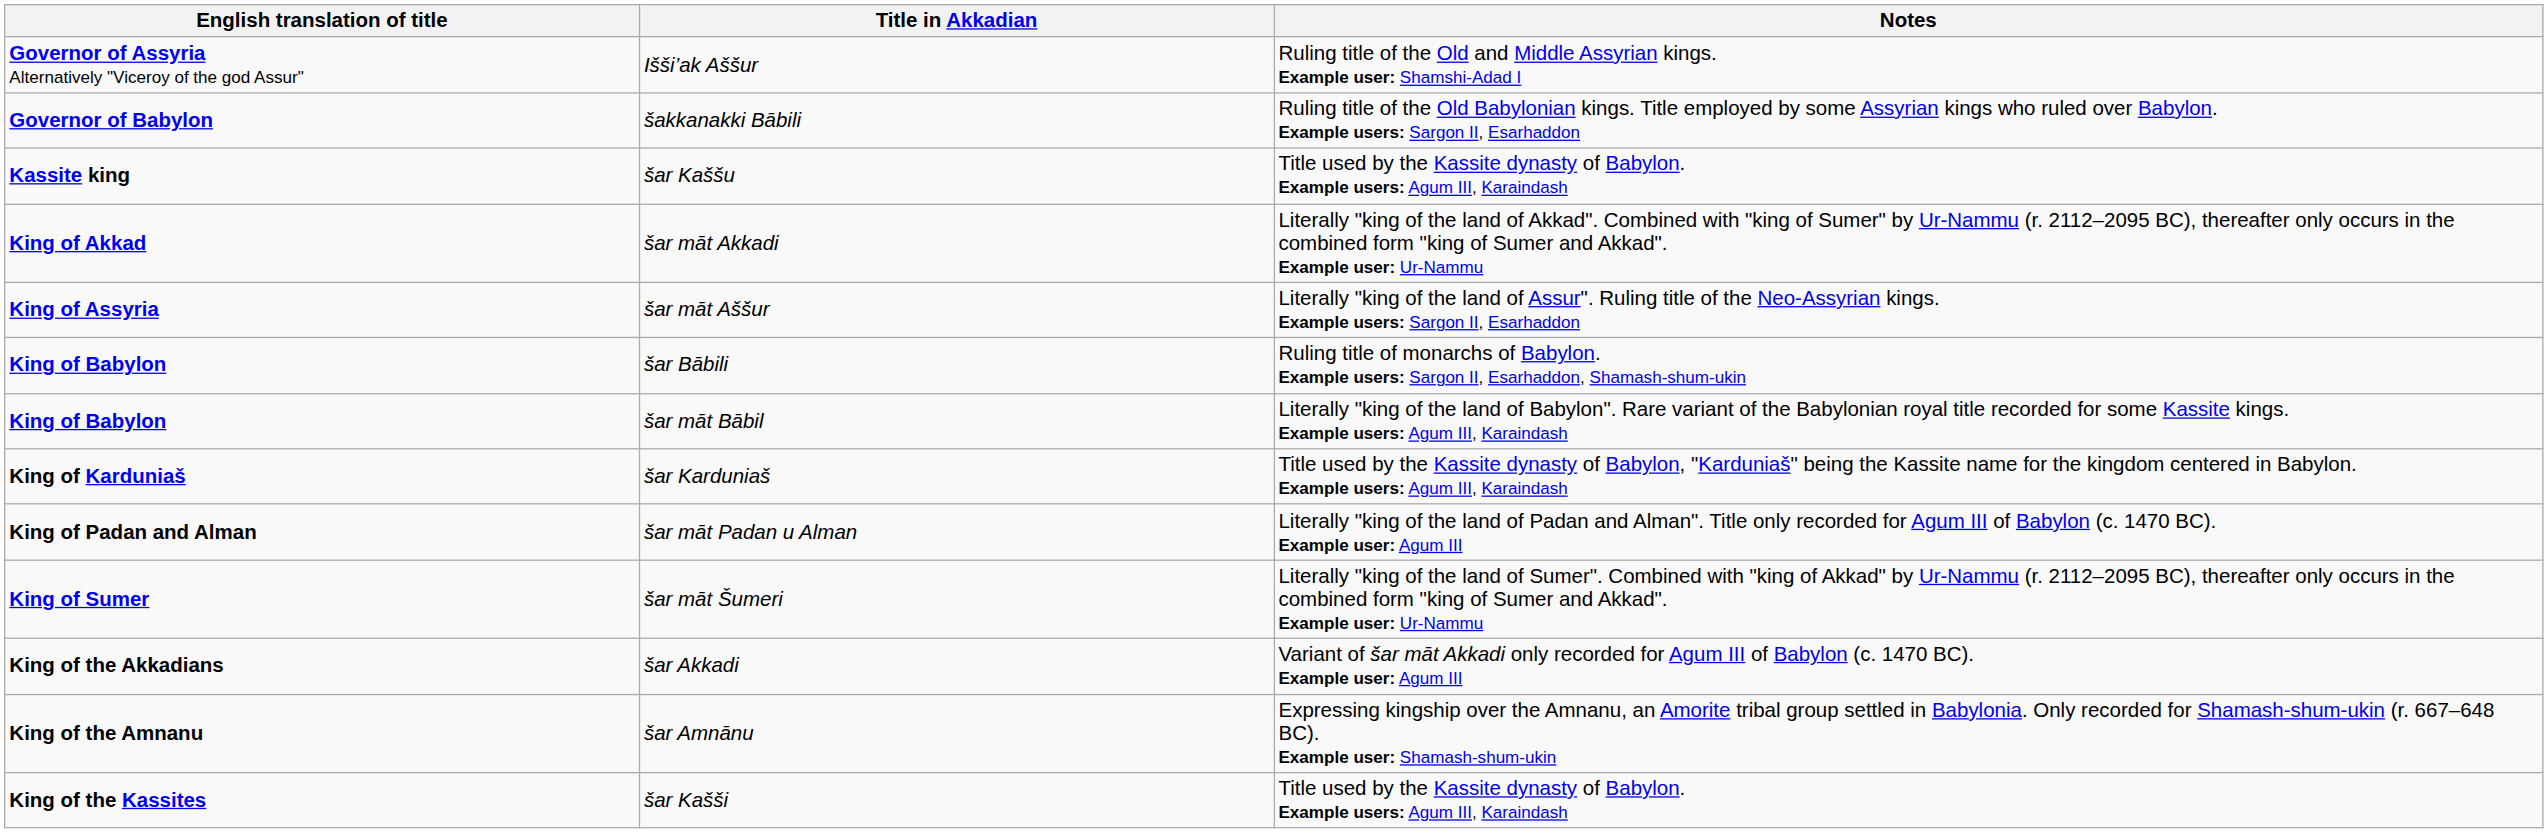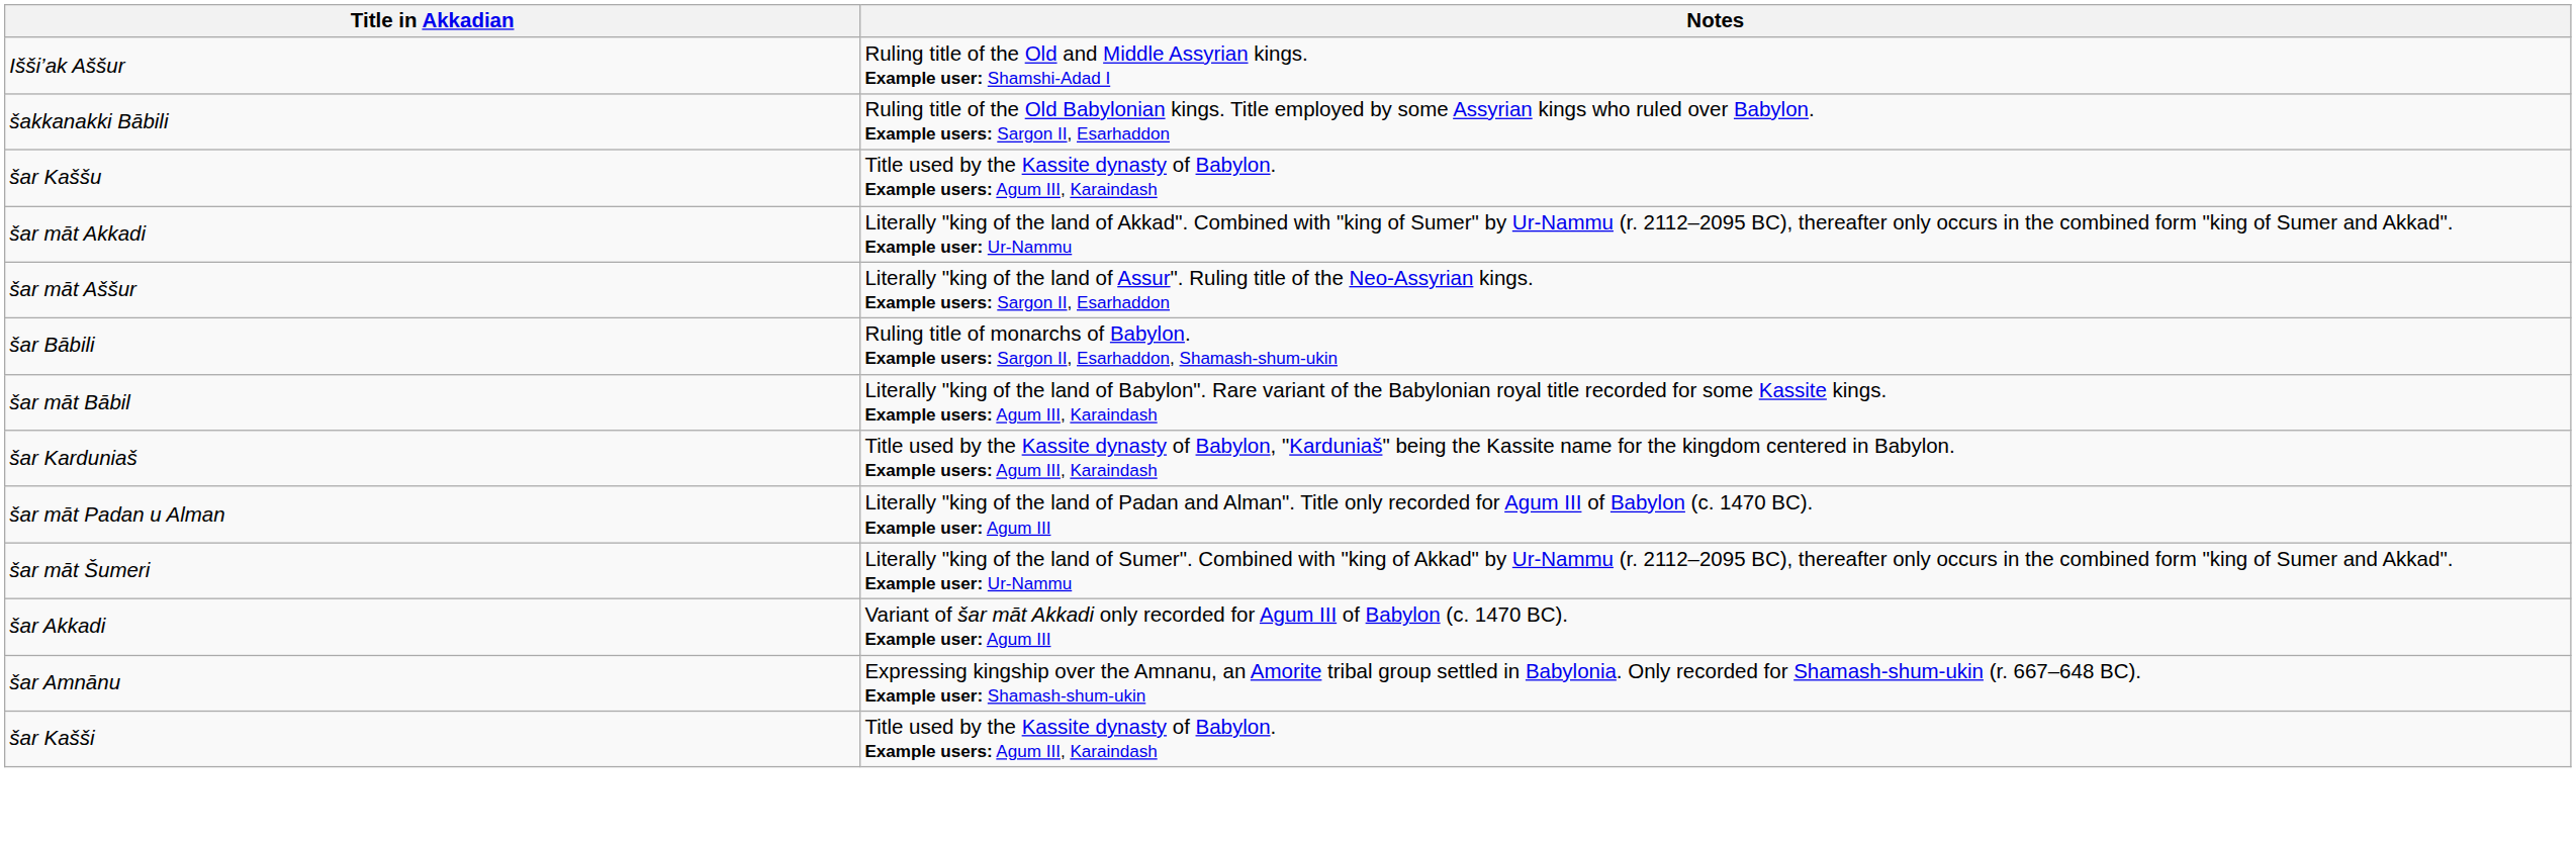 <table class="wikitable" border="1" style="width:100%">
 <tr>
-<th width="25%"><strong>English translation of title</strong></th>
 <th width="25%"><strong>Title in <a href='#'>Akkadian</a></strong></th>
 <th width="50%"><strong>Notes</strong></th>
 </tr>
 <tr>
-<td><strong><a href='#'>Governor of Assyria</a></strong><br><small>Alternatively "Viceroy of the god Assur"</small></td>
 <td><em>Išši’ak Aššur</em></td>
 <td>Ruling title of the <a href='#'>Old</a> and <a href='#'>Middle Assyrian</a> kings.<br><small><strong>Example user:</strong> <a href='#'>Shamshi-Adad I</a></small></td>
 </tr>
 <tr>
-<td><strong><a href='#'>Governor of Babylon</a></strong></td>
 <td><em>šakkanakki Bābili</em></td>
 <td>Ruling title of the <a href='#'>Old Babylonian</a> kings. Title employed by some <a href='#'>Assyrian</a> kings who ruled over <a href='#'>Babylon</a>.<br><small><strong>Example users:</strong> <a href='#'>Sargon II</a>, <a href='#'>Esarhaddon</a></small></td>
 </tr>
 <tr>
-<td><strong><a href='#'>Kassite</a> king</strong></td>
 <td><em>šar Kaššu</em></td>
 <td>Title used by the <a href='#'>Kassite dynasty</a> of <a href='#'>Babylon</a>.<br><small><strong>Example users:</strong> <a href='#'>Agum III</a>, <a href='#'>Karaindash</a></small></td>
 </tr>
 <tr>
-<td><strong><a href='#'>King of Akkad</a></strong></td>
 <td><em>šar māt Akkadi</em></td>
 <td>Literally "king of the land of Akkad". Combined with "king of Sumer" by <a href='#'>Ur-Nammu</a> (r. 2112–2095 BC), thereafter only occurs in the combined form "king of Sumer and Akkad".<br><small><strong>Example user:</strong> <a href='#'>Ur-Nammu</a></small></td>
 </tr>
 <tr>
-<td><strong><a href='#'>King of Assyria</a></strong></td>
 <td><em>šar māt Aššur</em></td>
 <td>Literally "king of the land of <a href='#'>Assur</a>". Ruling title of the <a href='#'>Neo-Assyrian</a> kings.<br><small><strong>Example users:</strong> <a href='#'>Sargon II</a>, <a href='#'>Esarhaddon</a></small></td>
 </tr>
 <tr>
-<td><strong><a href='#'>King of Babylon</a></strong></td>
 <td><em>šar Bābili</em></td>
 <td>Ruling title of monarchs of <a href='#'>Babylon</a>.<br><small><strong>Example users:</strong> <a href='#'>Sargon II</a>, <a href='#'>Esarhaddon</a>, <a href='#'>Shamash-shum-ukin</a></small></td>
 </tr>
 <tr>
-<td><strong><a href='#'>King of Babylon</a></strong></td>
 <td><em>šar māt Bābil</em></td>
 <td>Literally "king of the land of Babylon". Rare variant of the Babylonian royal title recorded for some <a href='#'>Kassite</a> kings.<br><small><strong>Example users:</strong> <a href='#'>Agum III</a>, <a href='#'>Karaindash</a></small></td>
 </tr>
 <tr>
-<td><strong>King of <a href='#'>Karduniaš</a></strong></td>
 <td><em>šar Karduniaš</em></td>
 <td>Title used by the <a href='#'>Kassite dynasty</a> of <a href='#'>Babylon</a>, "<a href='#'>Karduniaš</a>" being the Kassite name for the kingdom centered in Babylon.<br><small><strong>Example users:</strong> <a href='#'>Agum III</a>, <a href='#'>Karaindash</a></small></td>
 </tr>
 <tr>
-<td><strong>King of Padan and Alman</strong></td>
 <td><em>šar māt Padan u Alman</em></td>
 <td>Literally "king of the land of Padan and Alman". Title only recorded for <a href='#'>Agum III</a> of <a href='#'>Babylon</a> (c. 1470 BC).<br><small><strong>Example user:</strong> <a href='#'>Agum III</a></small></td>
 </tr>
 <tr>
-<td><strong><a href='#'>King of Sumer</a></strong></td>
 <td><em>šar māt Šumeri</em></td>
 <td>Literally "king of the land of Sumer". Combined with "king of Akkad" by <a href='#'>Ur-Nammu</a> (r. 2112–2095 BC), thereafter only occurs in the combined form "king of Sumer and Akkad".<br><small><strong>Example user:</strong> <a href='#'>Ur-Nammu</a></small></td>
 </tr>
 <tr>
-<td><strong>King of the Akkadians</strong></td>
 <td><em>šar Akkadi</em></td>
 <td>Variant of <em>šar māt Akkadi</em> only recorded for <a href='#'>Agum III</a> of <a href='#'>Babylon</a> (c. 1470 BC).<br><small><strong>Example user:</strong> <a href='#'>Agum III</a></small></td>
 </tr>
 <tr>
-<td><strong>King of the Amnanu</strong></td>
 <td><em>šar Amnānu</em></td>
 <td>Expressing kingship over the Amnanu, an <a href='#'>Amorite</a> tribal group settled in <a href='#'>Babylonia</a>. Only recorded for <a href='#'>Shamash-shum-ukin</a> (r. 667–648 BC).<br><small><strong>Example user:</strong> <a href='#'>Shamash-shum-ukin</a></small></td>
 </tr>
 <tr>
-<td><strong>King of the <a href='#'>Kassites</a></strong></td>
 <td><em>šar Kašši</em></td>
 <td>Title used by the <a href='#'>Kassite dynasty</a> of <a href='#'>Babylon</a>.<br><small><strong>Example users:</strong> <a href='#'>Agum III</a>, <a href='#'>Karaindash</a></small></td>
 </tr>
 </table>
